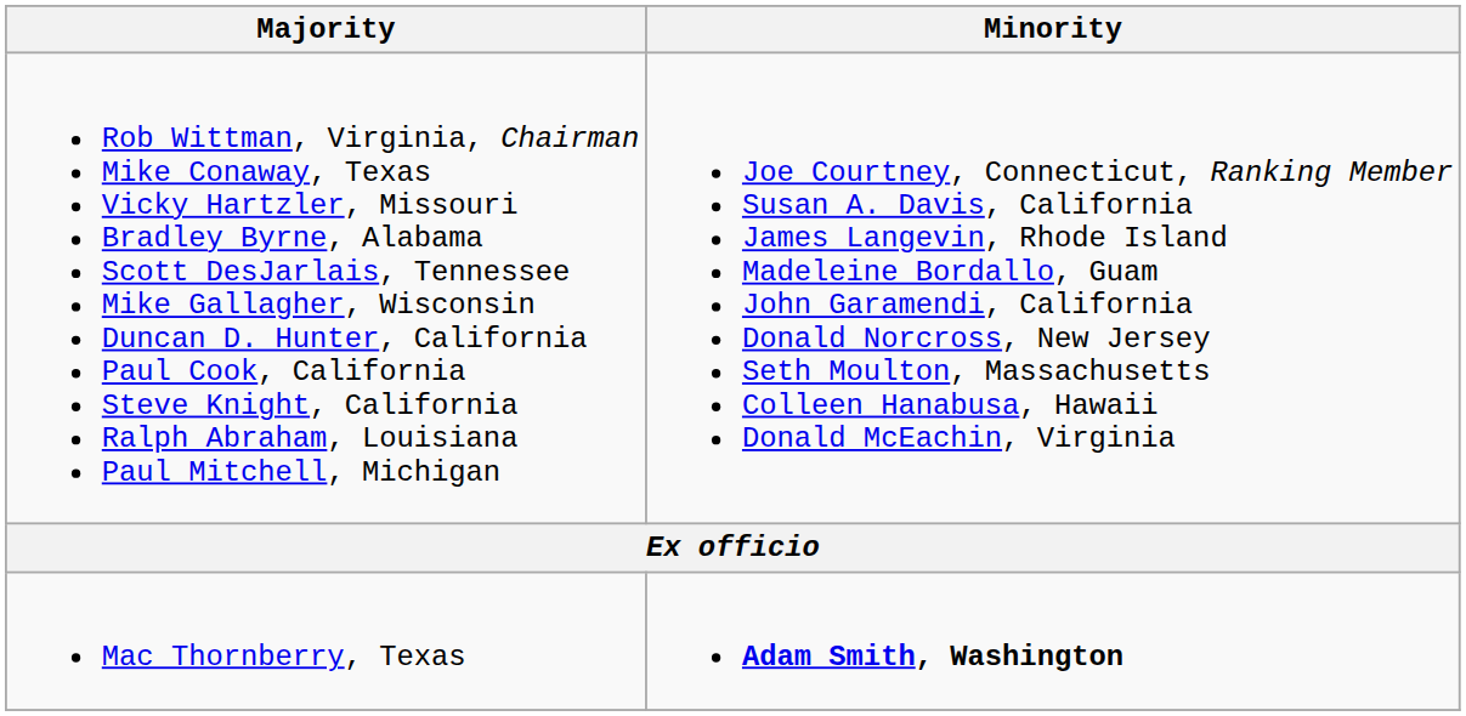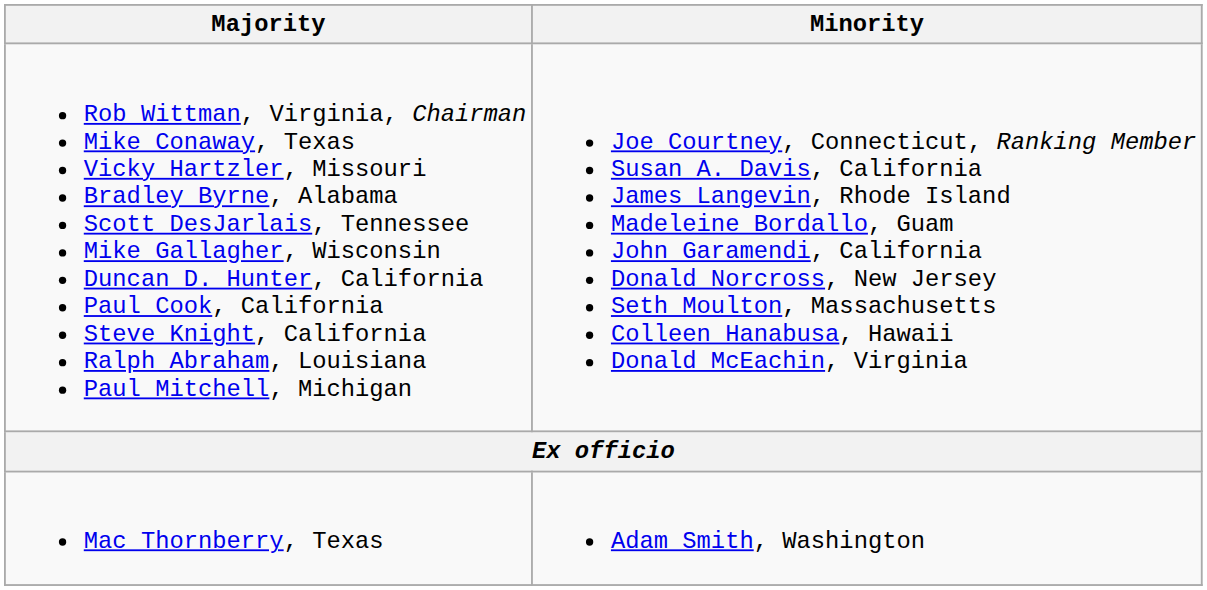 <table class=wikitable>
 <tr>
 <th>Majority</th>
 <th>Minority</th>
 </tr>
 <tr>
 <td><br><ul><li><a href='#'>Rob Wittman</a>, Virginia, <em>Chairman</em></li><li><a href='#'>Mike Conaway</a>, Texas</li><li><a href='#'>Vicky Hartzler</a>, Missouri</li><li><a href='#'>Bradley Byrne</a>, Alabama</li><li><a href='#'>Scott DesJarlais</a>, Tennessee</li><li><a href='#'>Mike Gallagher</a>, Wisconsin</li><li><a href='#'>Duncan D. Hunter</a>, California</li><li><a href='#'>Paul Cook</a>, California</li><li><a href='#'>Steve Knight</a>, California</li><li><a href='#'>Ralph Abraham</a>, Louisiana</li><li><a href='#'>Paul Mitchell</a>, Michigan</li></ul></td>
 <td><br><ul><li><a href='#'>Joe Courtney</a>, Connecticut, <em>Ranking Member</em></li><li><a href='#'>Susan A. Davis</a>, California</li><li><a href='#'>James Langevin</a>, Rhode Island</li><li><a href='#'>Madeleine Bordallo</a>, Guam</li><li><a href='#'>John Garamendi</a>, California</li><li><a href='#'>Donald Norcross</a>, New Jersey</li><li><a href='#'>Seth Moulton</a>, Massachusetts</li><li><a href='#'>Colleen Hanabusa</a>, Hawaii</li><li><a href='#'>Donald McEachin</a>, Virginia</li></ul></td>
 </tr>
 <tr>
 <th colspan=2><em>Ex officio</em></th>
 </tr>
 <tr>
 <td><br><ul><li><a href='#'>Mac Thornberry</a>, Texas</li></ul></td>
-<td><strong><br><ul><li><a href='#'>Adam Smith</a>, Washington</li></ul></strong></td>
+<td><br><ul><li><a href='#'>Adam Smith</a>, Washington</li></ul></td>
 </tr>
 </table>
